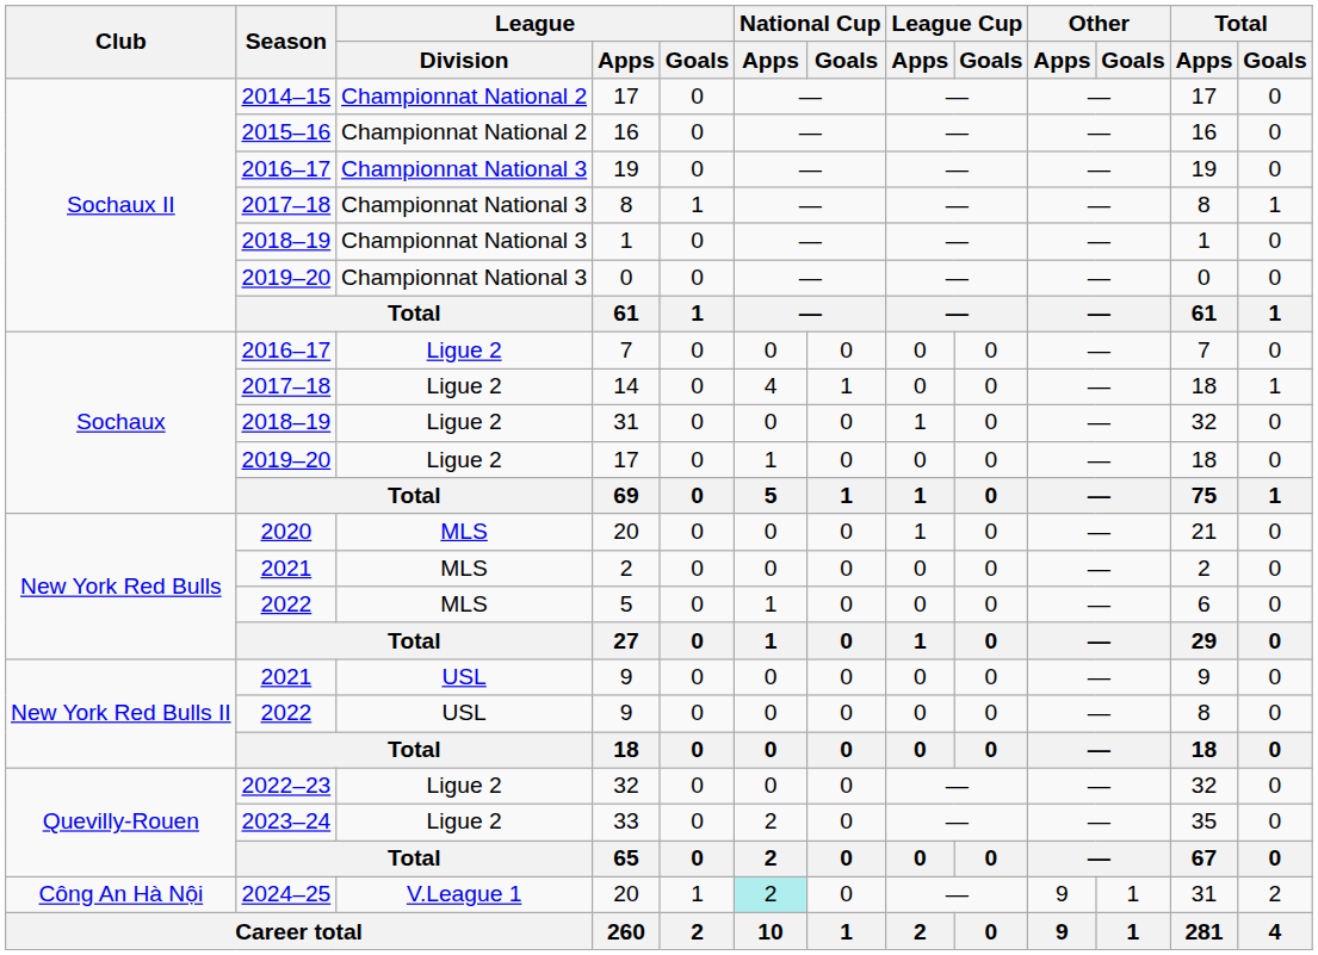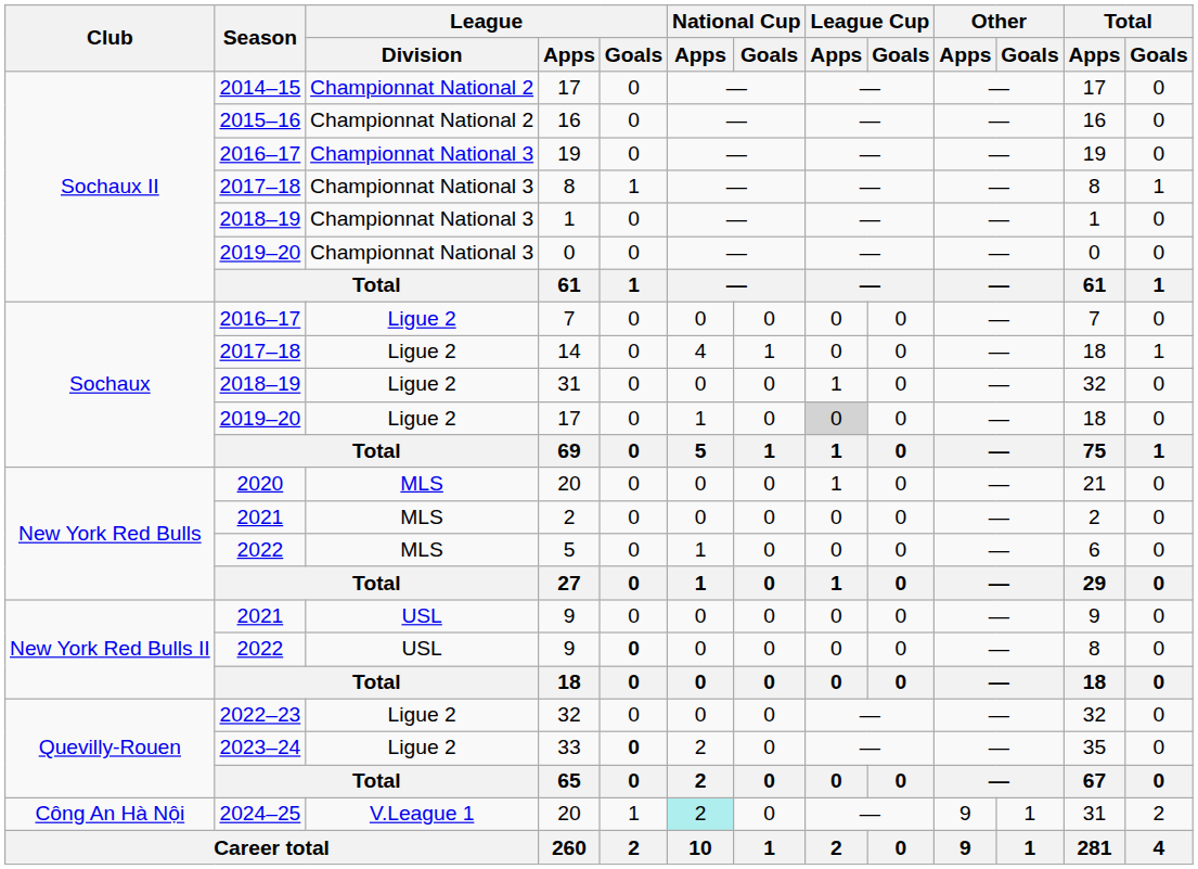 <table class="wikitable" style="text-align: center;">
 <tr>
 <th rowspan="2">Club</th>
 <th rowspan="2">Season</th>
 <th colspan="3">League</th>
 <th colspan="2">National Cup</th>
 <th colspan="2">League Cup</th>
 <th colspan="2">Other</th>
 <th colspan="2">Total</th>
 </tr>
 <tr>
 <th>Division</th>
 <th>Apps</th>
 <th>Goals</th>
 <th>Apps</th>
 <th>Goals</th>
 <th>Apps</th>
 <th>Goals</th>
 <th>Apps</th>
 <th>Goals</th>
 <th>Apps</th>
 <th>Goals</th>
 </tr>
 <tr>
 <td rowspan="7"><a href='#'>Sochaux II</a></td>
 <td><a href='#'>2014–15</a></td>
 <td><a href='#'>Championnat National 2</a></td>
 <td>17</td>
 <td>0</td>
 <td colspan="2">—</td>
 <td colspan="2">—</td>
 <td colspan="2">—</td>
 <td>17</td>
 <td>0</td>
 </tr>
 <tr>
 <td><a href='#'>2015–16</a></td>
 <td>Championnat National 2</td>
 <td>16</td>
 <td>0</td>
 <td colspan="2">—</td>
 <td colspan="2">—</td>
 <td colspan="2">—</td>
 <td>16</td>
 <td>0</td>
 </tr>
 <tr>
 <td><a href='#'>2016–17</a></td>
 <td><a href='#'>Championnat National 3</a></td>
 <td>19</td>
 <td>0</td>
 <td colspan="2">—</td>
 <td colspan="2">—</td>
 <td colspan="2">—</td>
 <td>19</td>
 <td>0</td>
 </tr>
 <tr>
 <td><a href='#'>2017–18</a></td>
 <td>Championnat National 3</td>
 <td>8</td>
 <td>1</td>
 <td colspan="2">—</td>
 <td colspan="2">—</td>
 <td colspan="2">—</td>
 <td>8</td>
 <td>1</td>
 </tr>
 <tr>
 <td><a href='#'>2018–19</a></td>
 <td>Championnat National 3</td>
 <td>1</td>
 <td>0</td>
 <td colspan="2">—</td>
 <td colspan="2">—</td>
 <td colspan="2">—</td>
 <td>1</td>
 <td>0</td>
 </tr>
 <tr>
 <td><a href='#'>2019–20</a></td>
 <td>Championnat National 3</td>
 <td>0</td>
 <td>0</td>
 <td colspan="2">—</td>
 <td colspan="2">—</td>
 <td colspan="2">—</td>
 <td>0</td>
 <td>0</td>
 </tr>
 <tr>
 <th colspan="2">Total</th>
 <th>61</th>
 <th>1</th>
 <th colspan="2">—</th>
 <th colspan="2">—</th>
 <th colspan="2">—</th>
 <th>61</th>
 <th>1</th>
 </tr>
 <tr>
 <td rowspan="5"><a href='#'>Sochaux</a></td>
 <td><a href='#'>2016–17</a></td>
 <td><a href='#'>Ligue 2</a></td>
 <td>7</td>
 <td>0</td>
 <td>0</td>
 <td>0</td>
 <td>0</td>
 <td>0</td>
 <td colspan="2">—</td>
 <td>7</td>
 <td>0</td>
 </tr>
 <tr>
 <td><a href='#'>2017–18</a></td>
 <td>Ligue 2</td>
 <td>14</td>
 <td>0</td>
 <td>4</td>
 <td>1</td>
 <td>0</td>
 <td>0</td>
 <td colspan="2">—</td>
 <td>18</td>
 <td>1</td>
 </tr>
 <tr>
 <td><a href='#'>2018–19</a></td>
 <td>Ligue 2</td>
 <td>31</td>
 <td>0</td>
 <td>0</td>
 <td>0</td>
 <td>1</td>
 <td>0</td>
 <td colspan="2">—</td>
 <td>32</td>
 <td>0</td>
 </tr>
 <tr>
 <td><a href='#'>2019–20</a></td>
 <td>Ligue 2</td>
 <td>17</td>
 <td>0</td>
 <td>1</td>
 <td>0</td>
-<td>0</td>
+<td style="background: lightgrey;">0</td>
 <td>0</td>
 <td colspan="2">—</td>
 <td>18</td>
 <td>0</td>
 </tr>
 <tr>
 <th colspan="2">Total</th>
 <th>69</th>
 <th>0</th>
 <th>5</th>
 <th>1</th>
 <th>1</th>
 <th>0</th>
 <th colspan="2">—</th>
 <th>75</th>
 <th>1</th>
 </tr>
 <tr>
 <td rowspan="4"><a href='#'>New York Red Bulls</a></td>
 <td><a href='#'>2020</a></td>
 <td><a href='#'>MLS</a></td>
 <td>20</td>
 <td>0</td>
 <td>0</td>
 <td>0</td>
 <td>1</td>
 <td>0</td>
 <td colspan="2">—</td>
 <td>21</td>
 <td>0</td>
 </tr>
 <tr>
 <td><a href='#'>2021</a></td>
 <td>MLS</td>
 <td>2</td>
 <td>0</td>
 <td>0</td>
 <td>0</td>
 <td>0</td>
 <td>0</td>
 <td colspan="2">—</td>
 <td>2</td>
 <td>0</td>
 </tr>
 <tr>
 <td><a href='#'>2022</a></td>
 <td>MLS</td>
 <td>5</td>
 <td>0</td>
 <td>1</td>
 <td>0</td>
 <td>0</td>
 <td>0</td>
 <td colspan="2">—</td>
 <td>6</td>
 <td>0</td>
 </tr>
 <tr>
 <th colspan="2">Total</th>
 <th>27</th>
 <th>0</th>
 <th>1</th>
 <th>0</th>
 <th>1</th>
 <th>0</th>
 <th colspan="2">—</th>
 <th>29</th>
 <th>0</th>
 </tr>
 <tr>
 <td rowspan="3"><a href='#'>New York Red Bulls II</a></td>
 <td><a href='#'>2021</a></td>
 <td><a href='#'>USL</a></td>
 <td>9</td>
 <td>0</td>
 <td>0</td>
 <td>0</td>
 <td>0</td>
 <td>0</td>
 <td colspan="2">—</td>
 <td>9</td>
 <td>0</td>
 </tr>
 <tr>
 <td><a href='#'>2022</a></td>
 <td>USL</td>
 <td>9</td>
-<td>0</td>
+<td><strong>0</strong></td>
 <td>0</td>
 <td>0</td>
 <td>0</td>
 <td>0</td>
 <td colspan="2">—</td>
 <td>8</td>
 <td>0</td>
 </tr>
 <tr>
 <th colspan="2">Total</th>
 <th>18</th>
 <th>0</th>
 <th>0</th>
 <th>0</th>
 <th>0</th>
 <th>0</th>
 <th colspan="2">—</th>
 <th>18</th>
 <th>0</th>
 </tr>
 <tr>
 <td rowspan="3"><a href='#'>Quevilly-Rouen</a></td>
 <td><a href='#'>2022–23</a></td>
 <td>Ligue 2</td>
 <td>32</td>
 <td>0</td>
 <td>0</td>
 <td>0</td>
 <td colspan="2">—</td>
 <td colspan="2">—</td>
 <td>32</td>
 <td>0</td>
 </tr>
 <tr>
 <td><a href='#'>2023–24</a></td>
 <td>Ligue 2</td>
 <td>33</td>
-<td>0</td>
+<td><strong>0</strong></td>
 <td>2</td>
 <td>0</td>
 <td colspan="2">—</td>
 <td colspan="2">—</td>
 <td>35</td>
 <td>0</td>
 </tr>
 <tr>
 <th colspan="2">Total</th>
 <th>65</th>
 <th>0</th>
 <th>2</th>
 <th>0</th>
 <th>0</th>
 <th>0</th>
 <th colspan="2">—</th>
 <th>67</th>
 <th>0</th>
 </tr>
 <tr>
 <td><a href='#'>Công An Hà Nội</a></td>
 <td><a href='#'>2024–25</a></td>
 <td><a href='#'>V.League 1</a></td>
 <td>20</td>
 <td>1</td>
 <td style="background: paleturquoise;">2</td>
 <td>0</td>
 <td colspan="2">—</td>
 <td>9</td>
 <td>1</td>
 <td>31</td>
 <td>2</td>
 </tr>
 <tr>
 <th colspan="3">Career total</th>
 <th>260</th>
 <th>2</th>
 <th>10</th>
 <th>1</th>
 <th>2</th>
 <th>0</th>
 <th>9</th>
 <th>1</th>
 <th>281</th>
 <th>4</th>
 </tr>
 </table>
